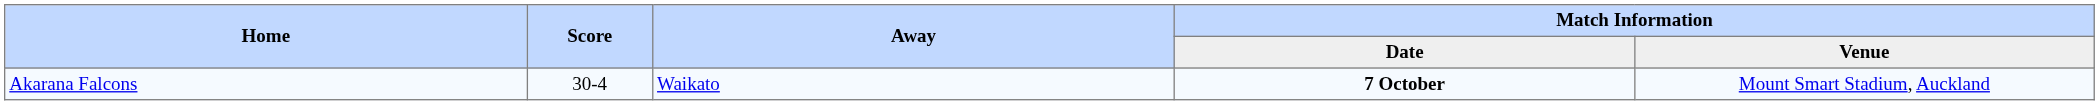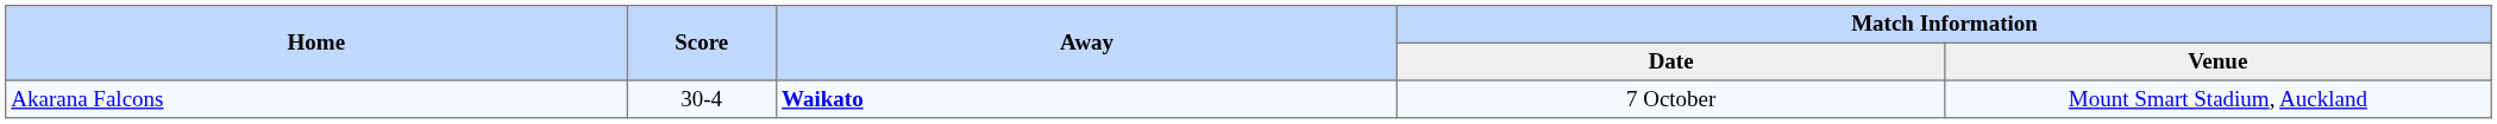 <table border=1 style="border-collapse:collapse; font-size:90%; text-align:center;" cellpadding=3 cellspacing=0 width=100%>
 <tr bgcolor=#C1D8FF>
 <th rowspan=2 width=25%>Home</th>
 <th rowspan=2 width=6%>Score</th>
 <th rowspan=2 width=25%>Away</th>
 <th colspan=6>Match Information</th>
 </tr>
 <tr bgcolor=#EFEFEF>
 <th width=22%>Date</th>
 <th width=22%>Venue</th>
 </tr>
 <tr bgcolor=#F5FAFF>
 <td align=left><a href='#'>Akarana Falcons</a></td>
 <td>30-4</td>
-<td align=left><a href='#'>Waikato</a></td>
-<td><strong>7 October</strong></td>
+<td align=left><strong><a href='#'>Waikato</a></strong></td>
+<td>7 October</td>
 <td><a href='#'>Mount Smart Stadium</a>, <a href='#'>Auckland</a></td>
 </tr>
 </table>
